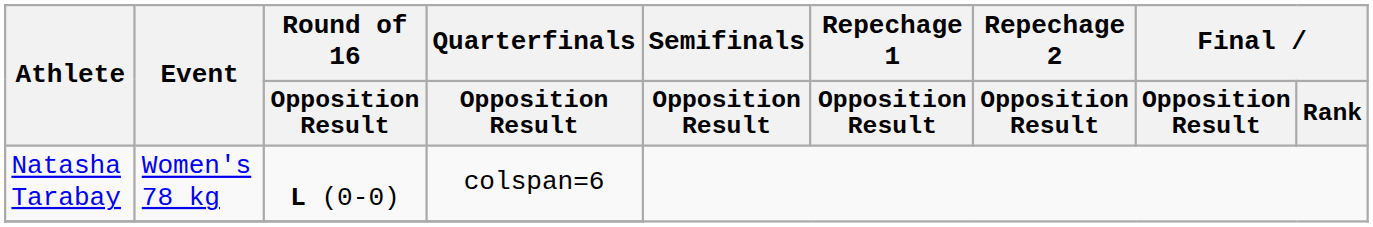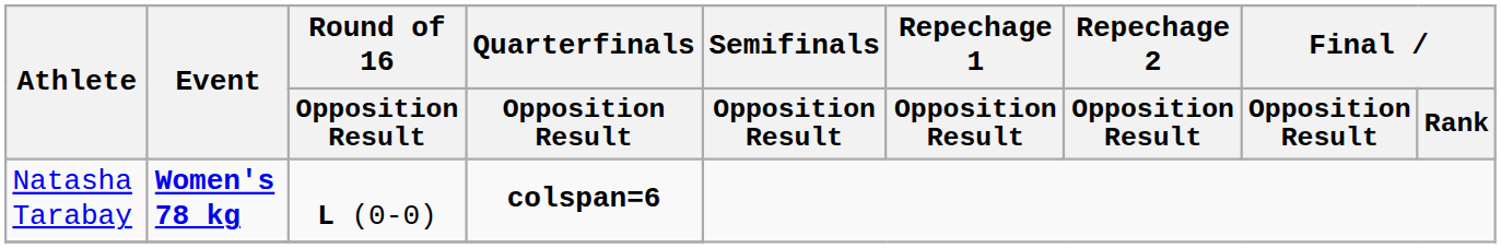 <table class="wikitable" style="font-size:90%">
 <tr>
 <th rowspan="2">Athlete</th>
 <th rowspan="2">Event</th>
 <th>Round of 16</th>
 <th>Quarterfinals</th>
 <th>Semifinals</th>
 <th>Repechage 1</th>
 <th>Repechage 2</th>
 <th colspan=2>Final / </th>
 </tr>
 <tr style="font-size:95%">
 <th>Opposition<br>Result</th>
 <th>Opposition<br>Result</th>
 <th>Opposition<br>Result</th>
 <th>Opposition<br>Result</th>
 <th>Opposition<br>Result</th>
 <th>Opposition<br>Result</th>
 <th>Rank</th>
 </tr>
 <tr align=center>
 <td align=left><a href='#'>Natasha Tarabay</a></td>
-<td align=left><a href='#'>Women's 78 kg</a></td>
+<td align=left><strong><a href='#'>Women's 78 kg</a></strong></td>
 <td><br><strong>L</strong> (0-0)</td>
-<td>colspan=6 </td>
+<td><strong>colspan=6 </strong></td>
 </tr>
 <tr>
 </tr>
 </table>
